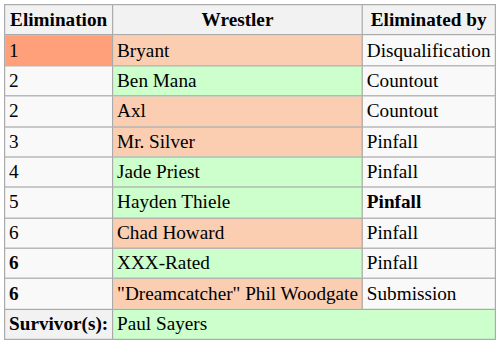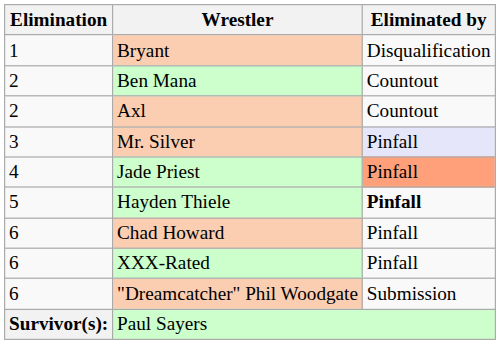 <table class="wikitable">
 <tr>
 <th>Elimination</th>
 <th>Wrestler</th>
 <th>Eliminated by</th>
 </tr>
 <tr>
-<td style="background: lightsalmon;">1</td>
+<td>1</td>
 <td bgcolor="#fbceb1">Bryant</td>
 <td>Disqualification</td>
 </tr>
 <tr>
 <td>2</td>
 <td bgcolor="#ccffcc">Ben Mana</td>
 <td>Countout</td>
 </tr>
 <tr>
 <td>2</td>
 <td bgcolor="#fbceb1">Axl</td>
 <td>Countout</td>
 </tr>
 <tr>
 <td>3</td>
 <td bgcolor="#fbceb1">Mr. Silver</td>
-<td>Pinfall</td>
+<td style="background: lavender;">Pinfall</td>
 </tr>
 <tr>
 <td>4</td>
 <td bgcolor="#ccffcc">Jade Priest</td>
-<td>Pinfall</td>
+<td style="background: lightsalmon;">Pinfall</td>
 </tr>
 <tr>
 <td>5</td>
 <td bgcolor="#ccffcc">Hayden Thiele</td>
 <td><strong>Pinfall</strong></td>
 </tr>
 <tr>
 <td>6</td>
 <td bgcolor="#fbceb1">Chad Howard</td>
 <td>Pinfall</td>
 </tr>
 <tr>
-<td><strong>6</strong></td>
+<td>6</td>
 <td bgcolor="#ccffcc">XXX-Rated</td>
 <td>Pinfall</td>
 </tr>
 <tr>
-<td><strong>6</strong></td>
+<td>6</td>
 <td bgcolor="#fbceb1">"Dreamcatcher" Phil Woodgate</td>
 <td>Submission</td>
 </tr>
 <tr>
 <th>Survivor(s):</th>
 <td colspan="5" style="background:#CCFFCC">Paul Sayers</td>
 </tr>
 </table>
